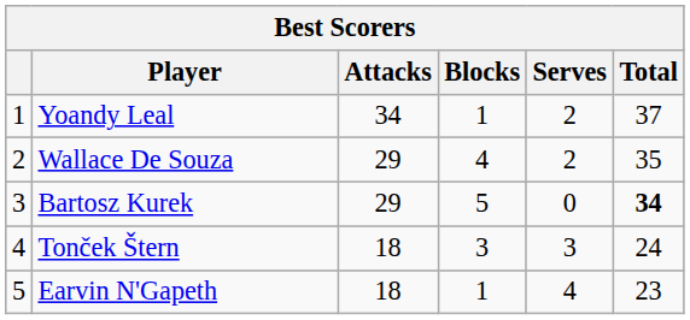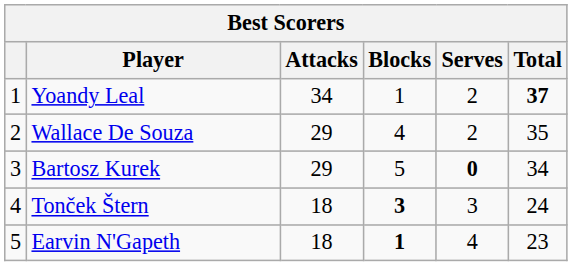 <table class="wikitable sortable" style=font-size:90%>
 <tr>
 <th colspan=6>Best Scorers</th>
 </tr>
 <tr>
 <th></th>
 <th width=158>Player</th>
 <th width=20>Attacks</th>
 <th width=20>Blocks</th>
 <th width=20>Serves</th>
 <th width=20>Total</th>
 </tr>
 <tr>
 <td>1</td>
 <td> <a href='#'>Yoandy Leal</a></td>
 <td align=center>34</td>
 <td align=center>1</td>
 <td align=center>2</td>
-<td align=center>37</td>
+<td align=center><strong>37</strong></td>
 </tr>
 <tr>
 <td>2</td>
 <td> <a href='#'>Wallace De Souza</a></td>
 <td align=center>29</td>
 <td align=center>4</td>
 <td align=center>2</td>
 <td align=center>35</td>
 </tr>
 <tr>
 <td>3</td>
 <td> <a href='#'>Bartosz Kurek</a></td>
 <td align=center>29</td>
 <td align=center>5</td>
-<td align=center>0</td>
-<td align=center><strong>34</strong></td>
+<td align=center><strong>0</strong></td>
+<td align=center>34</td>
 </tr>
 <tr>
 <td>4</td>
 <td> <a href='#'>Tonček Štern</a></td>
 <td align=center>18</td>
-<td align=center>3</td>
+<td align=center><strong>3</strong></td>
 <td align=center>3</td>
 <td align=center>24</td>
 </tr>
 <tr>
 <td>5</td>
 <td> <a href='#'>Earvin N'Gapeth</a></td>
 <td align=center>18</td>
-<td align=center>1</td>
+<td align=center><strong>1</strong></td>
 <td align=center>4</td>
 <td align=center>23</td>
 </tr>
 </table>
